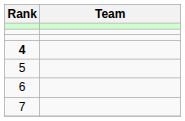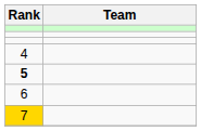 <table class="wikitable" style="text-align: center;">
 <tr>
 <th width=40>Rank</th>
 <th width=180>Team</th>
 </tr>
 <tr align=center; bgcolor=#ccffcc>
 <td></td>
 <td style="text-align:left;"></td>
 </tr>
 <tr align=center;>
 <td></td>
 <td style="text-align:left;"></td>
 </tr>
 <tr align=center>
 <td></td>
 <td style="text-align:left;"></td>
 </tr>
 <tr align=center>
-<td><strong>4</strong></td>
+<td>4</td>
 <td style="text-align:left;"></td>
 </tr>
 <tr align=center>
-<td>5</td>
+<td><strong>5</strong></td>
 <td style="text-align:left;"></td>
 </tr>
 <tr align=center>
 <td>6</td>
 <td style="text-align:left;"></td>
 </tr>
 <tr align=center>
-<td>7</td>
+<td style="background: gold;">7</td>
 <td style="text-align:left;"></td>
 </tr>
 <tr align=center>
 </tr>
 </table>
